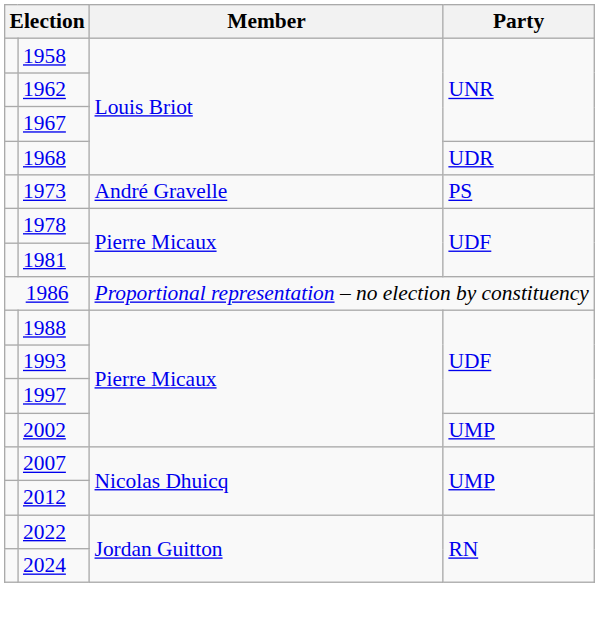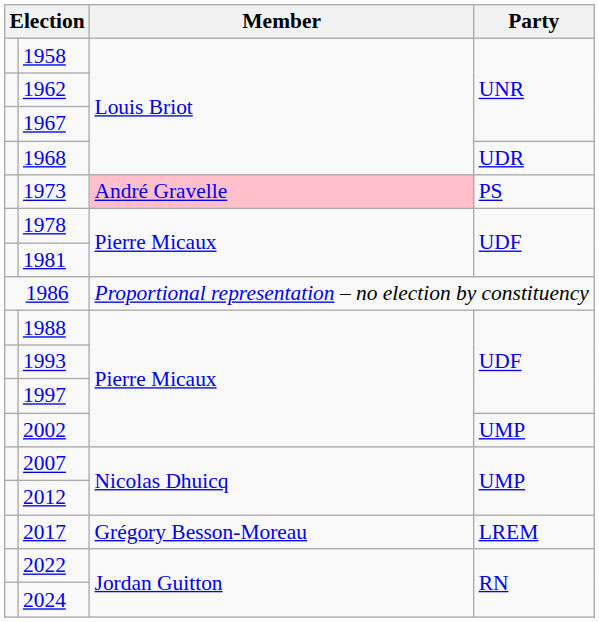 <table class="wikitable">
 <tr>
 <th colspan="2">Election</th>
 <th>Member</th>
 <th>Party</th>
 </tr>
 <tr>
 <td style="color:inherit;background-color: "></td>
 <td><a href='#'>1958</a></td>
 <td rowspan="4"><a href='#'>Louis Briot</a></td>
 <td rowspan="3"><a href='#'>UNR</a></td>
 </tr>
 <tr>
 <td style="color:inherit;background-color: "></td>
 <td><a href='#'>1962</a></td>
 </tr>
 <tr>
 <td style="color:inherit;background-color: "></td>
 <td><a href='#'>1967</a></td>
 </tr>
 <tr>
 <td style="color:inherit;background-color: "></td>
 <td><a href='#'>1968</a></td>
 <td><a href='#'>UDR</a></td>
 </tr>
 <tr>
 <td style="color:inherit;background-color: "></td>
 <td><a href='#'>1973</a></td>
-<td><a href='#'>André Gravelle</a></td>
+<td style="background: pink;"><a href='#'>André Gravelle</a></td>
 <td><a href='#'>PS</a></td>
 </tr>
 <tr>
 <td style="color:inherit;background-color: "></td>
 <td><a href='#'>1978</a></td>
 <td rowspan="2"><a href='#'>Pierre Micaux</a></td>
 <td rowspan="2"><a href='#'>UDF</a></td>
 </tr>
 <tr>
 <td style="color:inherit;background-color: "></td>
 <td><a href='#'>1981</a></td>
 </tr>
 <tr>
 <td colspan="2" align="center"><a href='#'>1986</a></td>
 <td colspan="2"><em><a href='#'>Proportional representation</a> – no election by constituency</em></td>
 </tr>
 <tr>
 <td style="color:inherit;background-color: "></td>
 <td><a href='#'>1988</a></td>
 <td rowspan="4"><a href='#'>Pierre Micaux</a></td>
 <td rowspan="3"><a href='#'>UDF</a></td>
 </tr>
 <tr>
 <td style="color:inherit;background-color: "></td>
 <td><a href='#'>1993</a></td>
 </tr>
 <tr>
 <td style="color:inherit;background-color: "></td>
 <td><a href='#'>1997</a></td>
 </tr>
 <tr>
 <td style="color:inherit;background-color: "></td>
 <td><a href='#'>2002</a></td>
 <td><a href='#'>UMP</a></td>
 </tr>
 <tr>
 <td style="color:inherit;background-color: "></td>
 <td><a href='#'>2007</a></td>
 <td rowspan="2"><a href='#'>Nicolas Dhuicq</a></td>
 <td rowspan="2"><a href='#'>UMP</a></td>
 </tr>
 <tr>
 <td style="color:inherit;background-color: "></td>
 <td><a href='#'>2012</a></td>
 </tr>
 <tr>
 <td style="color:inherit;background-color: "></td>
+<td><a href='#'>2017</a></td>
+<td><a href='#'>Grégory Besson-Moreau</a></td>
+<td><a href='#'>LREM</a></td>
+</tr>
+<tr>
+<td style="color:inherit;background-color: "></td>
 <td><a href='#'>2022</a></td>
 <td rowspan="2"><a href='#'>Jordan Guitton</a></td>
 <td rowspan="2"><a href='#'>RN</a></td>
 </tr>
 <tr>
 <td style="color:inherit;background-color: "></td>
 <td><a href='#'>2024</a></td>
 </tr>
 </table>
